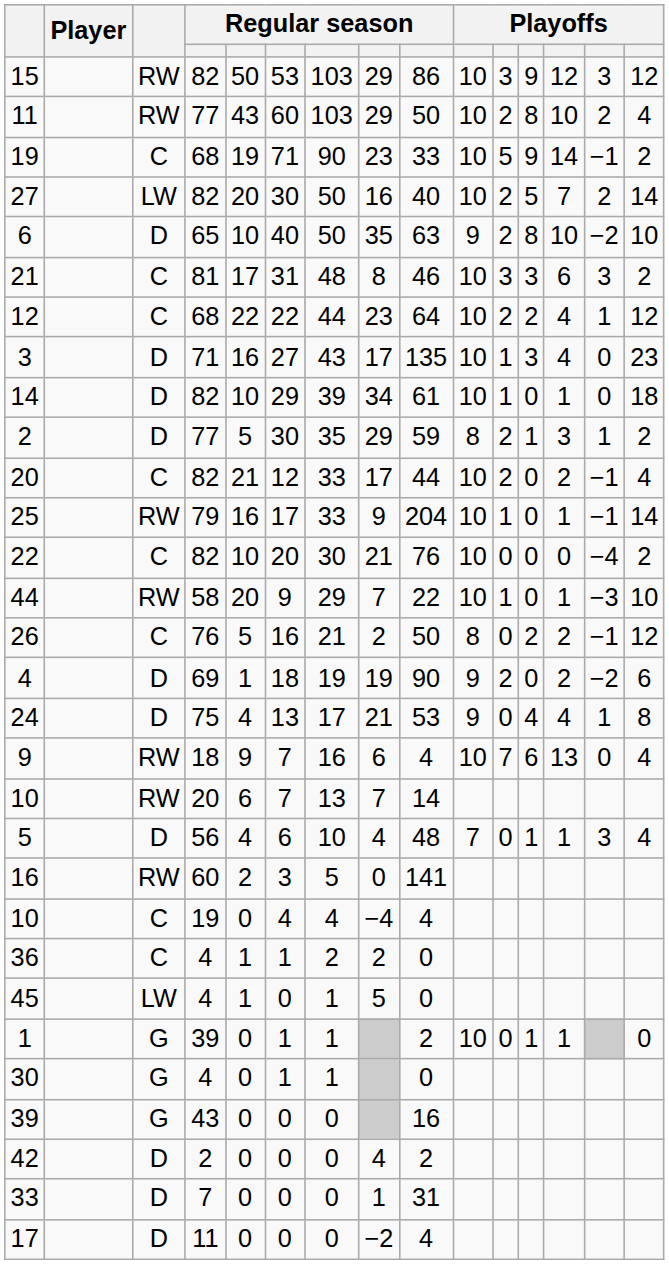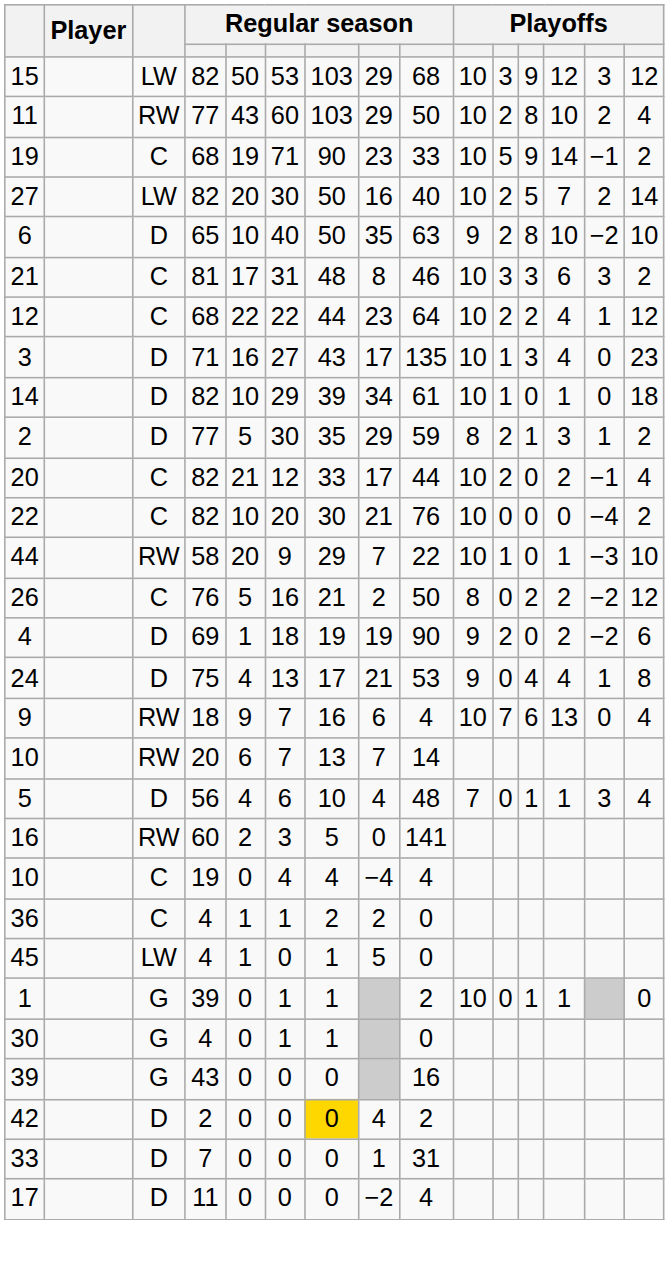 <table class="wikitable sortable plainrowheaders" style="text-align:center;">
 <tr>
 <th scope="col" data-sort-type="number" rowspan="2"></th>
 <th scope="col" rowspan="2">Player</th>
 <th scope="col" rowspan="2"></th>
 <th scope=colgroup colspan=6>Regular season</th>
 <th scope=colgroup colspan=6>Playoffs</th>
 </tr>
 <tr>
 <th scope="col" data-sort-type="number"></th>
 <th scope="col" data-sort-type="number"></th>
 <th scope="col" data-sort-type="number"></th>
 <th scope="col" data-sort-type="number"></th>
 <th scope="col" data-sort-type="number"></th>
 <th scope="col" data-sort-type="number"></th>
 <th scope="col" data-sort-type="number"></th>
 <th scope="col" data-sort-type="number"></th>
 <th scope="col" data-sort-type="number"></th>
 <th scope="col" data-sort-type="number"></th>
 <th scope="col" data-sort-type="number"></th>
 <th scope="col" data-sort-type="number"></th>
 </tr>
 <tr>
 <td scope="row">15</td>
 <td align="left"></td>
-<td>RW</td>
+<td>LW</td>
 <td>82</td>
 <td>50</td>
 <td>53</td>
 <td>103</td>
 <td>29</td>
-<td>86</td>
+<td>68</td>
 <td>10</td>
 <td>3</td>
 <td>9</td>
 <td>12</td>
 <td>3</td>
 <td>12</td>
 </tr>
 <tr>
 <td scope="row">11</td>
 <td align="left"></td>
 <td>RW</td>
 <td>77</td>
 <td>43</td>
 <td>60</td>
 <td>103</td>
 <td>29</td>
 <td>50</td>
 <td>10</td>
 <td>2</td>
 <td>8</td>
 <td>10</td>
 <td>2</td>
 <td>4</td>
 </tr>
 <tr>
 <td scope="row">19</td>
 <td align="left"></td>
 <td>C</td>
 <td>68</td>
 <td>19</td>
 <td>71</td>
 <td>90</td>
 <td>23</td>
 <td>33</td>
 <td>10</td>
 <td>5</td>
 <td>9</td>
 <td>14</td>
 <td>−1</td>
 <td>2</td>
 </tr>
 <tr>
 <td scope="row">27</td>
 <td align="left"></td>
 <td>LW</td>
 <td>82</td>
 <td>20</td>
 <td>30</td>
 <td>50</td>
 <td>16</td>
 <td>40</td>
 <td>10</td>
 <td>2</td>
 <td>5</td>
 <td>7</td>
 <td>2</td>
 <td>14</td>
 </tr>
 <tr>
 <td scope="row">6</td>
 <td align="left"></td>
 <td>D</td>
 <td>65</td>
 <td>10</td>
 <td>40</td>
 <td>50</td>
 <td>35</td>
 <td>63</td>
 <td>9</td>
 <td>2</td>
 <td>8</td>
 <td>10</td>
 <td>−2</td>
 <td>10</td>
 </tr>
 <tr>
 <td scope="row">21</td>
 <td align="left"></td>
 <td>C</td>
 <td>81</td>
 <td>17</td>
 <td>31</td>
 <td>48</td>
 <td>8</td>
 <td>46</td>
 <td>10</td>
 <td>3</td>
 <td>3</td>
 <td>6</td>
 <td>3</td>
 <td>2</td>
 </tr>
 <tr>
 <td scope="row">12</td>
 <td align="left"></td>
 <td>C</td>
 <td>68</td>
 <td>22</td>
 <td>22</td>
 <td>44</td>
 <td>23</td>
 <td>64</td>
 <td>10</td>
 <td>2</td>
 <td>2</td>
 <td>4</td>
 <td>1</td>
 <td>12</td>
 </tr>
 <tr>
 <td scope="row">3</td>
 <td align="left"></td>
 <td>D</td>
 <td>71</td>
 <td>16</td>
 <td>27</td>
 <td>43</td>
 <td>17</td>
 <td>135</td>
 <td>10</td>
 <td>1</td>
 <td>3</td>
 <td>4</td>
 <td>0</td>
 <td>23</td>
 </tr>
 <tr>
 <td scope="row">14</td>
 <td align="left"></td>
 <td>D</td>
 <td>82</td>
 <td>10</td>
 <td>29</td>
 <td>39</td>
 <td>34</td>
 <td>61</td>
 <td>10</td>
 <td>1</td>
 <td>0</td>
 <td>1</td>
 <td>0</td>
 <td>18</td>
 </tr>
 <tr>
 <td scope="row">2</td>
 <td align="left"></td>
 <td>D</td>
 <td>77</td>
 <td>5</td>
 <td>30</td>
 <td>35</td>
 <td>29</td>
 <td>59</td>
 <td>8</td>
 <td>2</td>
 <td>1</td>
 <td>3</td>
 <td>1</td>
 <td>2</td>
 </tr>
 <tr>
 <td scope="row">20</td>
 <td align="left"></td>
 <td>C</td>
 <td>82</td>
 <td>21</td>
 <td>12</td>
 <td>33</td>
 <td>17</td>
 <td>44</td>
 <td>10</td>
 <td>2</td>
 <td>0</td>
 <td>2</td>
 <td>−1</td>
 <td>4</td>
 </tr>
 <tr>
-<td scope="row">25</td>
-<td align="left"></td>
-<td>RW</td>
-<td>79</td>
-<td>16</td>
-<td>17</td>
-<td>33</td>
-<td>9</td>
-<td>204</td>
-<td>10</td>
-<td>1</td>
-<td>0</td>
-<td>1</td>
-<td>−1</td>
-<td>14</td>
-</tr>
-<tr>
 <td scope="row">22</td>
 <td align="left"></td>
 <td>C</td>
 <td>82</td>
 <td>10</td>
 <td>20</td>
 <td>30</td>
 <td>21</td>
 <td>76</td>
 <td>10</td>
 <td>0</td>
 <td>0</td>
 <td>0</td>
 <td>−4</td>
 <td>2</td>
 </tr>
 <tr>
 <td scope="row">44</td>
 <td align="left"></td>
 <td>RW</td>
 <td>58</td>
 <td>20</td>
 <td>9</td>
 <td>29</td>
 <td>7</td>
 <td>22</td>
 <td>10</td>
 <td>1</td>
 <td>0</td>
 <td>1</td>
 <td>−3</td>
 <td>10</td>
 </tr>
 <tr>
 <td scope="row">26</td>
 <td align="left"></td>
 <td>C</td>
 <td>76</td>
 <td>5</td>
 <td>16</td>
 <td>21</td>
 <td>2</td>
 <td>50</td>
 <td>8</td>
 <td>0</td>
 <td>2</td>
 <td>2</td>
-<td>−1</td>
+<td>−2</td>
 <td>12</td>
 </tr>
 <tr>
 <td scope="row">4</td>
 <td align="left"></td>
 <td>D</td>
 <td>69</td>
 <td>1</td>
 <td>18</td>
 <td>19</td>
 <td>19</td>
 <td>90</td>
 <td>9</td>
 <td>2</td>
 <td>0</td>
 <td>2</td>
 <td>−2</td>
 <td>6</td>
 </tr>
 <tr>
 <td scope="row">24</td>
 <td align="left"></td>
 <td>D</td>
 <td>75</td>
 <td>4</td>
 <td>13</td>
 <td>17</td>
 <td>21</td>
 <td>53</td>
 <td>9</td>
 <td>0</td>
 <td>4</td>
 <td>4</td>
 <td>1</td>
 <td>8</td>
 </tr>
 <tr>
 <td scope="row">9</td>
 <td align="left"></td>
 <td>RW</td>
 <td>18</td>
 <td>9</td>
 <td>7</td>
 <td>16</td>
 <td>6</td>
 <td>4</td>
 <td>10</td>
 <td>7</td>
 <td>6</td>
 <td>13</td>
 <td>0</td>
 <td>4</td>
 </tr>
 <tr>
 <td scope="row">10</td>
 <td align="left"></td>
 <td>RW</td>
 <td>20</td>
 <td>6</td>
 <td>7</td>
 <td>13</td>
 <td>7</td>
 <td>14</td>
 <td></td>
 <td></td>
 <td></td>
 <td></td>
 <td></td>
 <td></td>
 </tr>
 <tr>
 <td scope="row">5</td>
 <td align="left"></td>
 <td>D</td>
 <td>56</td>
 <td>4</td>
 <td>6</td>
 <td>10</td>
 <td>4</td>
 <td>48</td>
 <td>7</td>
 <td>0</td>
 <td>1</td>
 <td>1</td>
 <td>3</td>
 <td>4</td>
 </tr>
 <tr>
 <td scope="row">16</td>
 <td align="left"></td>
 <td>RW</td>
 <td>60</td>
 <td>2</td>
 <td>3</td>
 <td>5</td>
 <td>0</td>
 <td>141</td>
 <td></td>
 <td></td>
 <td></td>
 <td></td>
 <td></td>
 <td></td>
 </tr>
 <tr>
 <td scope="row">10</td>
 <td align="left"></td>
 <td>C</td>
 <td>19</td>
 <td>0</td>
 <td>4</td>
 <td>4</td>
 <td>−4</td>
 <td>4</td>
 <td></td>
 <td></td>
 <td></td>
 <td></td>
 <td></td>
 <td></td>
 </tr>
 <tr>
 <td scope="row">36</td>
 <td align="left"></td>
 <td>C</td>
 <td>4</td>
 <td>1</td>
 <td>1</td>
 <td>2</td>
 <td>2</td>
 <td>0</td>
 <td></td>
 <td></td>
 <td></td>
 <td></td>
 <td></td>
 <td></td>
 </tr>
 <tr>
 <td scope="row">45</td>
 <td align="left"></td>
 <td>LW</td>
 <td>4</td>
 <td>1</td>
 <td>0</td>
 <td>1</td>
 <td>5</td>
 <td>0</td>
 <td></td>
 <td></td>
 <td></td>
 <td></td>
 <td></td>
 <td></td>
 </tr>
 <tr>
 <td scope="row">1</td>
 <td align="left"></td>
 <td>G</td>
 <td>39</td>
 <td>0</td>
 <td>1</td>
 <td>1</td>
 <td style="background:#ccc"></td>
 <td>2</td>
 <td>10</td>
 <td>0</td>
 <td>1</td>
 <td>1</td>
 <td style="background:#ccc"></td>
 <td>0</td>
 </tr>
 <tr>
 <td scope="row">30</td>
 <td align="left"></td>
 <td>G</td>
 <td>4</td>
 <td>0</td>
 <td>1</td>
 <td>1</td>
 <td style="background:#ccc"></td>
 <td>0</td>
 <td></td>
 <td></td>
 <td></td>
 <td></td>
 <td></td>
 <td></td>
 </tr>
 <tr>
 <td scope="row">39</td>
 <td align="left"></td>
 <td>G</td>
 <td>43</td>
 <td>0</td>
 <td>0</td>
 <td>0</td>
 <td style="background:#ccc"></td>
 <td>16</td>
 <td></td>
 <td></td>
 <td></td>
 <td></td>
 <td></td>
 <td></td>
 </tr>
 <tr>
 <td scope="row">42</td>
 <td align="left"></td>
 <td>D</td>
 <td>2</td>
 <td>0</td>
 <td>0</td>
-<td>0</td>
+<td style="background: gold;">0</td>
 <td>4</td>
 <td>2</td>
 <td></td>
 <td></td>
 <td></td>
 <td></td>
 <td></td>
 <td></td>
 </tr>
 <tr>
 <td scope="row">33</td>
 <td align="left"></td>
 <td>D</td>
 <td>7</td>
 <td>0</td>
 <td>0</td>
 <td>0</td>
 <td>1</td>
 <td>31</td>
 <td></td>
 <td></td>
 <td></td>
 <td></td>
 <td></td>
 <td></td>
 </tr>
 <tr>
 <td scope="row">17</td>
 <td align="left"></td>
 <td>D</td>
 <td>11</td>
 <td>0</td>
 <td>0</td>
 <td>0</td>
 <td>−2</td>
 <td>4</td>
 <td></td>
 <td></td>
 <td></td>
 <td></td>
 <td></td>
 <td></td>
 </tr>
 </table>
